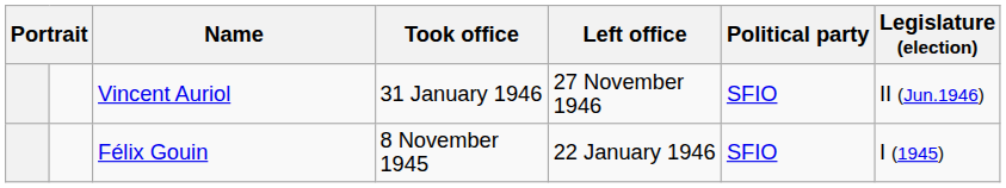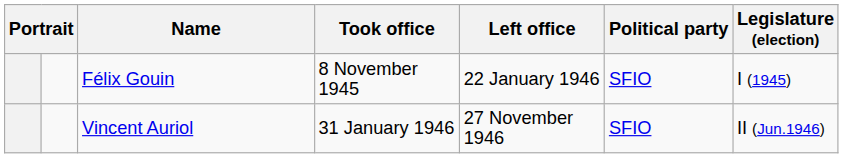 <table class="wikitable">
 <tr>
 <th colspan=2>Portrait</th>
 <th width=200>Name</th>
 <th width=120>Took office</th>
 <th width=120>Left office</th>
 <th>Political party</th>
 <th>Legislature<br><small>(election)</small></th>
 </tr>
 <tr>
 <th style="background:"></th>
 <td></td>
+<td><a href='#'>Félix Gouin</a></td>
+<td>8 November 1945</td>
+<td>22 January 1946</td>
+<td><a href='#'>SFIO</a></td>
+<td>I <small>(<a href='#'>1945</a>)</small></td>
+</tr>
+<tr>
+<th style="background:"></th>
+<td></td>
 <td><a href='#'>Vincent Auriol</a></td>
 <td>31 January 1946</td>
 <td>27 November 1946</td>
 <td><a href='#'>SFIO</a></td>
 <td>II <small>(<a href='#'>Jun.1946</a>)</small></td>
 </tr>
-<tr>
-<th style="background:"></th>
-<td></td>
-<td><a href='#'>Félix Gouin</a></td>
-<td>8 November 1945</td>
-<td>22 January 1946</td>
-<td><a href='#'>SFIO</a></td>
-<td>I <small>(<a href='#'>1945</a>)</small></td>
-</tr>
 </table>
